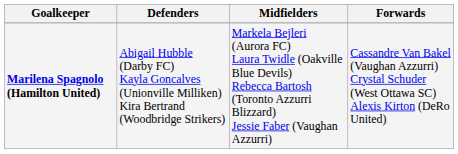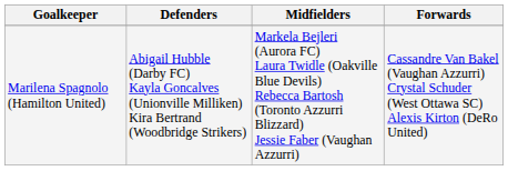 <table class="wikitable">
 <tr style="background:#cccccc;">
 <th>Goalkeeper</th>
 <th>Defenders</th>
 <th>Midfielders</th>
 <th>Forwards</th>
 </tr>
 <tr>
 </tr>
 <tr style="background:#f4f4f4;">
-<td><strong><a href='#'>Marilena Spagnolo</a> (Hamilton United)</strong></td>
+<td><a href='#'>Marilena Spagnolo</a> (Hamilton United)</td>
 <td><a href='#'>Abigail Hubble</a> (Darby FC)<br><a href='#'>Kayla Goncalves</a> (Unionville Milliken)<br>Kira Bertrand (Woodbridge Strikers)</td>
 <td><a href='#'>Markela Bejleri</a> (Aurora FC)<br><a href='#'>Laura Twidle</a> (Oakville Blue Devils)<br><a href='#'>Rebecca Bartosh</a> (Toronto Azzurri Blizzard)<br><a href='#'>Jessie Faber</a> (Vaughan Azzurri)</td>
 <td><a href='#'>Cassandre Van Bakel</a> (Vaughan Azzurri)<br><a href='#'>Crystal Schuder</a> (West Ottawa SC)<br><a href='#'>Alexis Kirton</a> (DeRo United)</td>
 </tr>
 </table>
